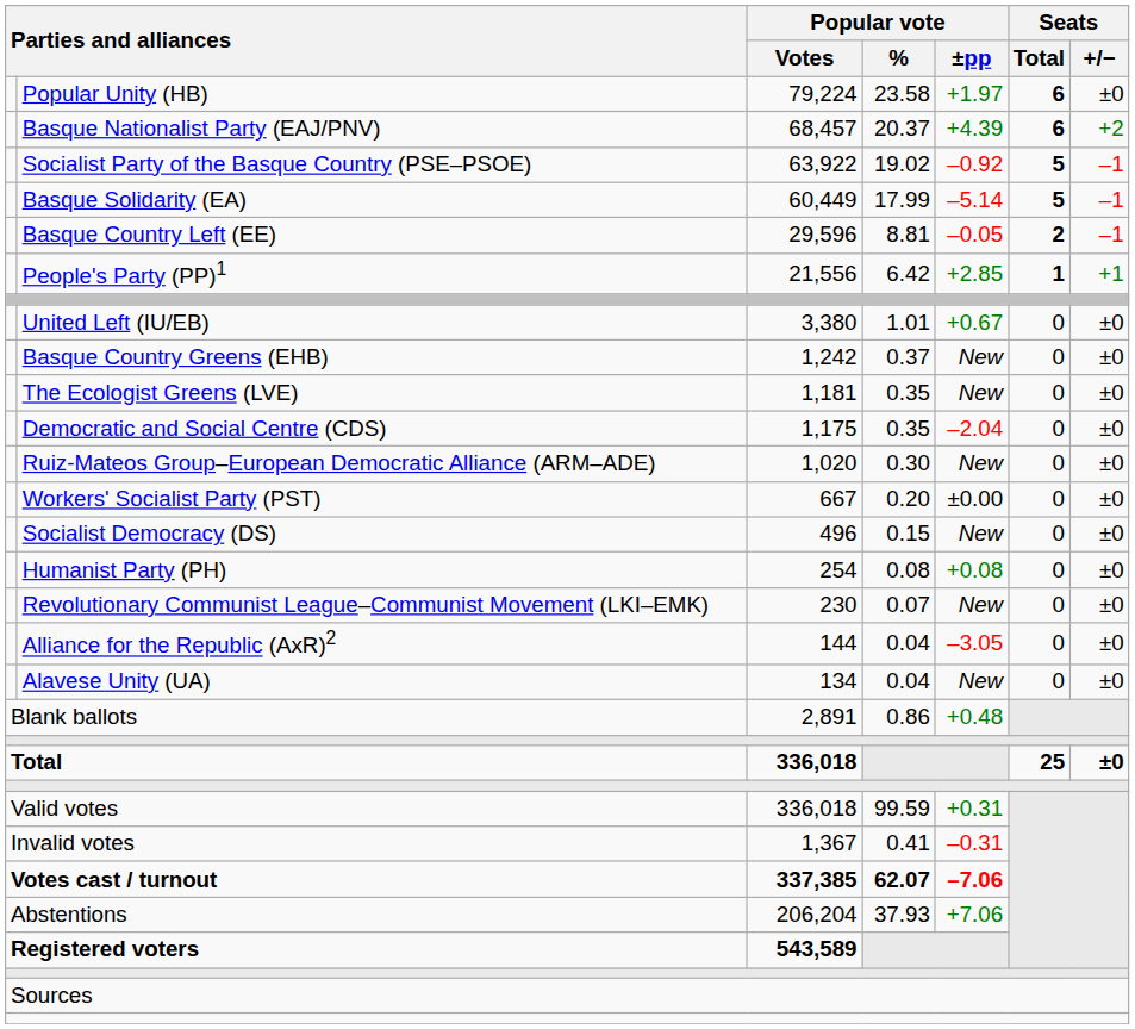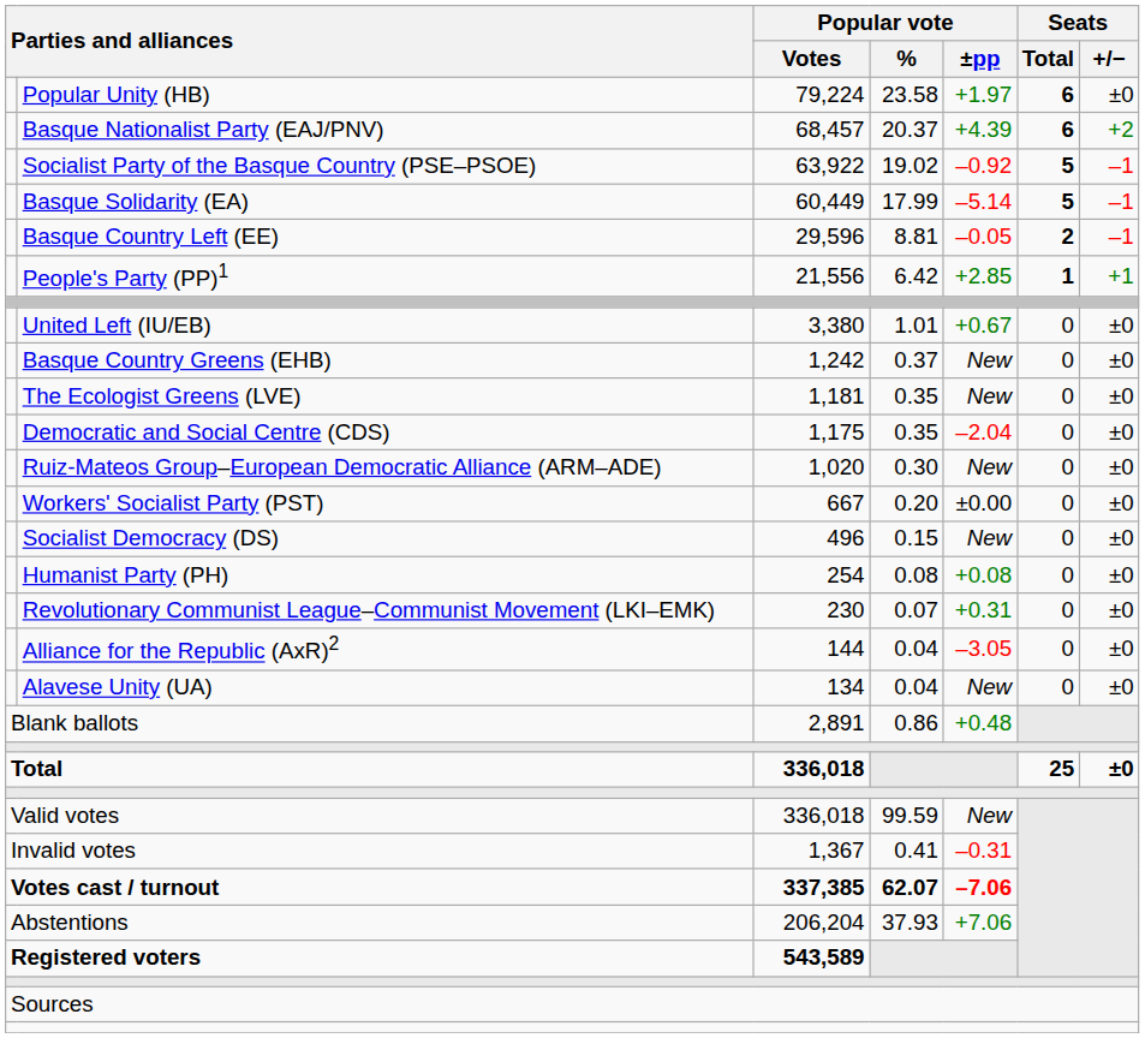 <table class="wikitable" style="text-align:right;">
 <tr>
 <th style="text-align:left;" rowspan="2" colspan="2" width="525">Parties and alliances</th>
 <th colspan="3">Popular vote</th>
 <th colspan="2">Seats</th>
 </tr>
 <tr>
 <th width="75">Votes</th>
 <th width="45">%</th>
 <th width="45">±<a href='#'>pp</a></th>
 <th width="35">Total</th>
 <th width="35">+/−</th>
 </tr>
 <tr>
 <td width="1" style="color:inherit;background:"></td>
 <td align="left"><a href='#'>Popular Unity</a> (HB)</td>
 <td>79,224</td>
 <td>23.58</td>
 <td style="color:green;">+1.97</td>
 <td><strong>6</strong></td>
 <td>±0</td>
 </tr>
 <tr>
 <td style="color:inherit;background:"></td>
 <td align="left"><a href='#'>Basque Nationalist Party</a> (EAJ/PNV)</td>
 <td>68,457</td>
 <td>20.37</td>
 <td style="color:green;">+4.39</td>
 <td><strong>6</strong></td>
 <td style="color:green;">+2</td>
 </tr>
 <tr>
 <td style="color:inherit;background:"></td>
 <td align="left"><a href='#'>Socialist Party of the Basque Country</a> (PSE–PSOE)</td>
 <td>63,922</td>
 <td>19.02</td>
 <td style="color:red;">–0.92</td>
 <td><strong>5</strong></td>
 <td style="color:red;">–1</td>
 </tr>
 <tr>
 <td style="color:inherit;background:"></td>
 <td align="left"><a href='#'>Basque Solidarity</a> (EA)</td>
 <td>60,449</td>
 <td>17.99</td>
 <td style="color:red;">–5.14</td>
 <td><strong>5</strong></td>
 <td style="color:red;">–1</td>
 </tr>
 <tr>
 <td style="color:inherit;background:"></td>
 <td align="left"><a href='#'>Basque Country Left</a> (EE)</td>
 <td>29,596</td>
 <td>8.81</td>
 <td style="color:red;">–0.05</td>
 <td><strong>2</strong></td>
 <td style="color:red;">–1</td>
 </tr>
 <tr>
 <td style="color:inherit;background:"></td>
 <td align="left"><a href='#'>People's Party</a> (PP)<sup>1</sup></td>
 <td>21,556</td>
 <td>6.42</td>
 <td style="color:green;">+2.85</td>
 <td><strong>1</strong></td>
 <td style="color:green;">+1</td>
 </tr>
 <tr>
 <td colspan="7" bgcolor="#C0C0C0"></td>
 </tr>
 <tr>
 <td style="color:inherit;background:"></td>
 <td align="left"><a href='#'>United Left</a> (IU/EB)</td>
 <td>3,380</td>
 <td>1.01</td>
 <td style="color:green;">+0.67</td>
 <td>0</td>
 <td>±0</td>
 </tr>
 <tr>
 <td style="color:inherit;background:"></td>
 <td align="left"><a href='#'>Basque Country Greens</a> (EHB)</td>
 <td>1,242</td>
 <td>0.37</td>
 <td><em>New</em></td>
 <td>0</td>
 <td>±0</td>
 </tr>
 <tr>
 <td style="color:inherit;background:"></td>
 <td align="left"><a href='#'>The Ecologist Greens</a> (LVE)</td>
 <td>1,181</td>
 <td>0.35</td>
 <td><em>New</em></td>
 <td>0</td>
 <td>±0</td>
 </tr>
 <tr>
 <td style="color:inherit;background:"></td>
 <td align="left"><a href='#'>Democratic and Social Centre</a> (CDS)</td>
 <td>1,175</td>
 <td>0.35</td>
 <td style="color:red;">–2.04</td>
 <td>0</td>
 <td>±0</td>
 </tr>
 <tr>
 <td style="color:inherit;background:"></td>
 <td align="left"><a href='#'>Ruiz-Mateos Group</a>–<a href='#'>European Democratic Alliance</a> (ARM–ADE)</td>
 <td>1,020</td>
 <td>0.30</td>
 <td><em>New</em></td>
 <td>0</td>
 <td>±0</td>
 </tr>
 <tr>
 <td style="color:inherit;background:"></td>
 <td align="left"><a href='#'>Workers' Socialist Party</a> (PST)</td>
 <td>667</td>
 <td>0.20</td>
 <td>±0.00</td>
 <td>0</td>
 <td>±0</td>
 </tr>
 <tr>
 <td style="color:inherit;background:"></td>
 <td align="left"><a href='#'>Socialist Democracy</a> (DS)</td>
 <td>496</td>
 <td>0.15</td>
 <td><em>New</em></td>
 <td>0</td>
 <td>±0</td>
 </tr>
 <tr>
 <td style="color:inherit;background:"></td>
 <td align="left"><a href='#'>Humanist Party</a> (PH)</td>
 <td>254</td>
 <td>0.08</td>
 <td style="color:green;">+0.08</td>
 <td>0</td>
 <td>±0</td>
 </tr>
 <tr>
 <td style="color:inherit;background:"></td>
 <td align="left"><a href='#'>Revolutionary Communist League</a>–<a href='#'>Communist Movement</a> (LKI–EMK)</td>
 <td>230</td>
 <td>0.07</td>
-<td><em>New</em></td>
+<td style="color:green;">+0.31</td>
 <td>0</td>
 <td>±0</td>
 </tr>
 <tr>
 <td style="color:inherit;background:"></td>
 <td align="left"><a href='#'>Alliance for the Republic</a> (AxR)<sup>2</sup></td>
 <td>144</td>
 <td>0.04</td>
 <td style="color:red;">–3.05</td>
 <td>0</td>
 <td>±0</td>
 </tr>
 <tr>
 <td style="color:inherit;background:"></td>
 <td align="left"><a href='#'>Alavese Unity</a> (UA)</td>
 <td>134</td>
 <td>0.04</td>
 <td><em>New</em></td>
 <td>0</td>
 <td>±0</td>
 </tr>
 <tr>
 <td align="left" colspan="2">Blank ballots</td>
 <td>2,891</td>
 <td>0.86</td>
 <td style="color:green;">+0.48</td>
 <td bgcolor="#E9E9E9" colspan="2"></td>
 </tr>
 <tr>
 <td colspan="7" bgcolor="#E9E9E9"></td>
 </tr>
 <tr style="font-weight:bold;">
 <td align="left" colspan="2">Total</td>
 <td>336,018</td>
 <td bgcolor="#E9E9E9" colspan="2"></td>
 <td>25</td>
 <td>±0</td>
 </tr>
 <tr>
 <td colspan="7" bgcolor="#E9E9E9"></td>
 </tr>
 <tr>
 <td align="left" colspan="2">Valid votes</td>
 <td>336,018</td>
 <td>99.59</td>
-<td style="color:green;">+0.31</td>
+<td><em>New</em></td>
 <td bgcolor="#E9E9E9" colspan="2" rowspan="5"></td>
 </tr>
 <tr>
 <td align="left" colspan="2">Invalid votes</td>
 <td>1,367</td>
 <td>0.41</td>
 <td style="color:red;">–0.31</td>
 </tr>
 <tr style="font-weight:bold;">
 <td align="left" colspan="2">Votes cast / turnout</td>
 <td>337,385</td>
 <td>62.07</td>
 <td style="color:red;">–7.06</td>
 </tr>
 <tr>
 <td align="left" colspan="2">Abstentions</td>
 <td>206,204</td>
 <td>37.93</td>
 <td style="color:green;">+7.06</td>
 </tr>
 <tr style="font-weight:bold;">
 <td align="left" colspan="2">Registered voters</td>
 <td>543,589</td>
 <td bgcolor="#E9E9E9" colspan="2"></td>
 </tr>
 <tr>
 <td colspan="7" bgcolor="#E9E9E9"></td>
 </tr>
 <tr>
 <td align="left" colspan="7">Sources</td>
 </tr>
 <tr>
 <td colspan="7" style="text-align:left; max-width:790px;"></td>
 </tr>
 </table>
